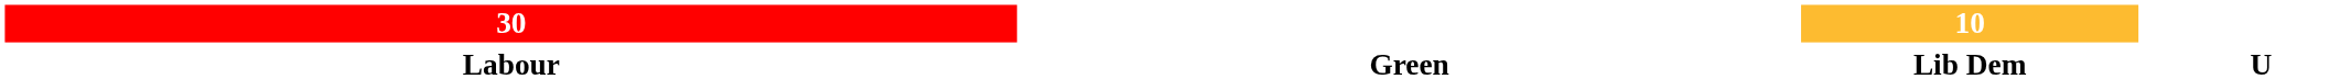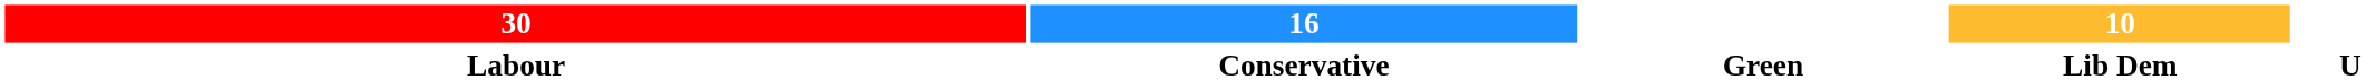 <table style="width:100%; text-align:center;">
 <tr style="color:white;">
 <td style="background:red; width:42.85%;"><strong>30</strong></td>
+<td style="background:dodgerblue; width:22.86%;"><strong>16</strong></td>
 <td style="background:"><strong>13</strong></td>
 <td style="background:#FDBB30; width:14.29%;"><strong>10</strong></td>
 <td style="background:"><strong>1</strong></td>
 </tr>
 <tr>
 <td><span><strong>Labour</strong></span></td>
+<td><span><strong>Conservative</strong></span></td>
 <td><span><strong>Green</strong></span></td>
 <td><span><strong>Lib Dem</strong></span></td>
 <td><span><strong>U</strong></span></td>
 </tr>
 </table>
